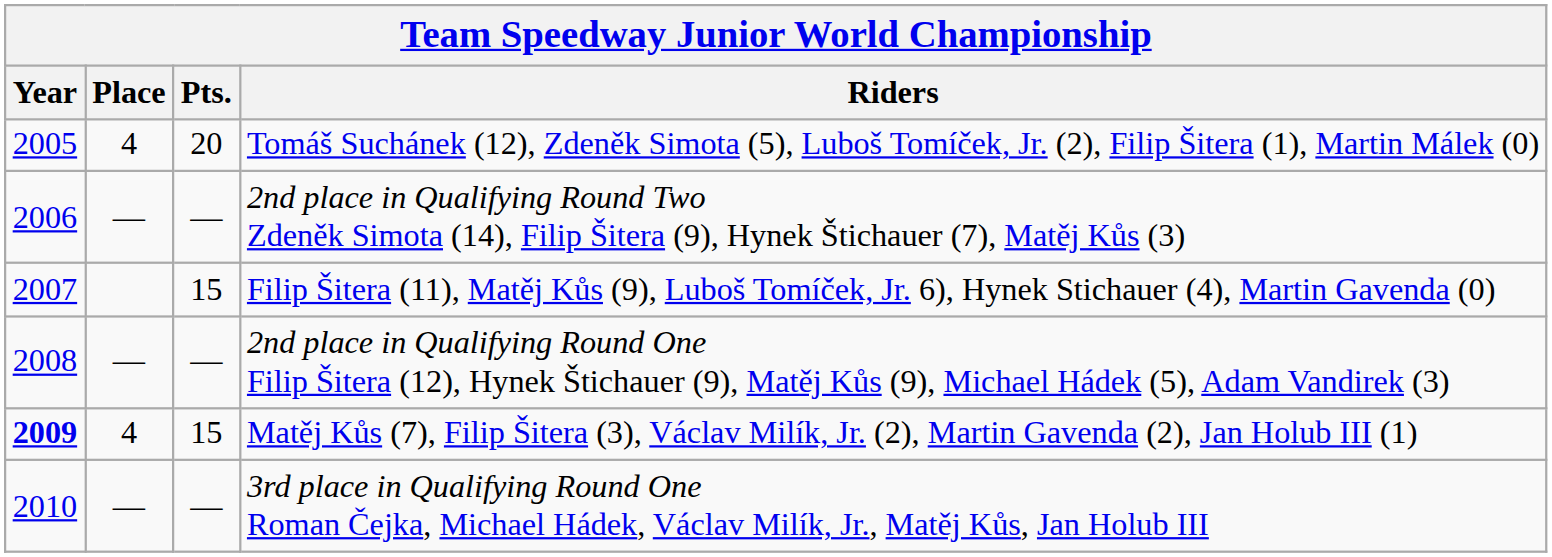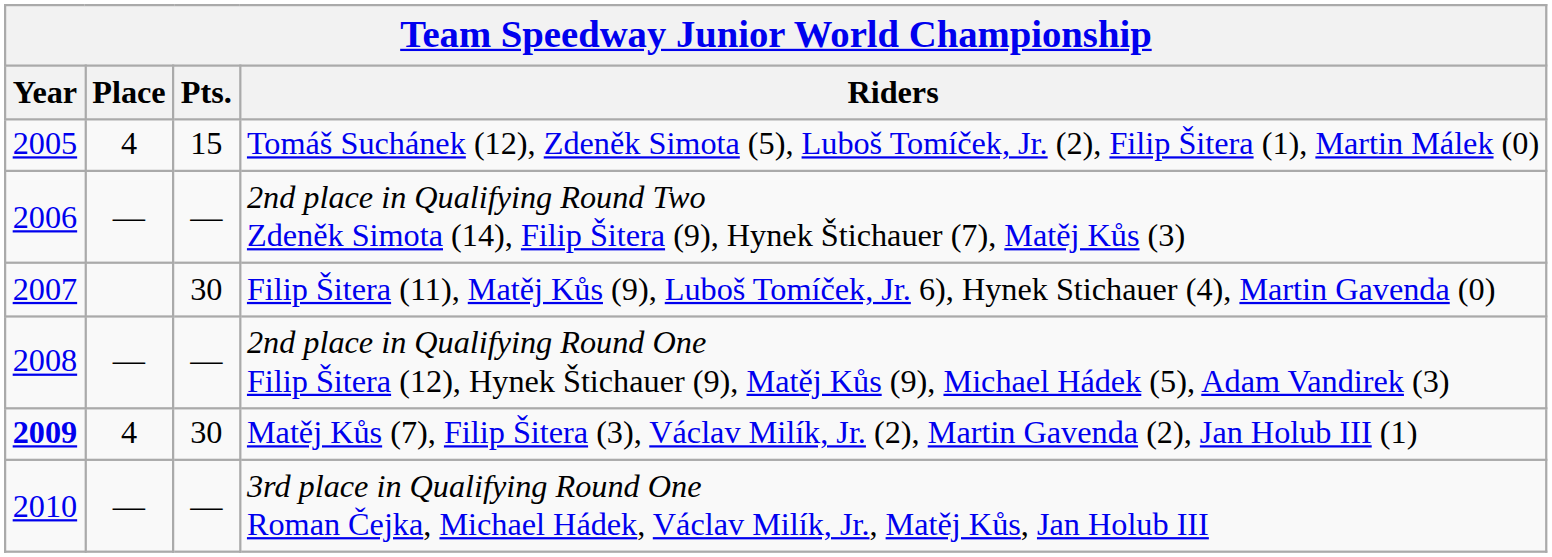 <table class=wikitable style="font-size: 90%;">
 <tr>
 <th colspan=4><big><a href='#'>Team Speedway Junior World Championship</a></big></th>
 </tr>
 <tr>
 <th>Year</th>
 <th>Place</th>
 <th>Pts.</th>
 <th>Riders</th>
 </tr>
 <tr align=center>
 <td><a href='#'>2005</a></td>
 <td>4</td>
-<td>20</td>
+<td>15</td>
 <td align=left><a href='#'>Tomáš Suchánek</a> (12), <a href='#'>Zdeněk Simota</a> (5), <a href='#'>Luboš Tomíček, Jr.</a> (2), <a href='#'>Filip Šitera</a> (1), <a href='#'>Martin Málek</a> (0)</td>
 </tr>
 <tr align=center >
 <td><a href='#'>2006</a></td>
 <td>—</td>
 <td>—</td>
 <td align=left><em>2nd place in Qualifying Round Two</em> <br><a href='#'>Zdeněk Simota</a> (14), <a href='#'>Filip Šitera</a> (9), Hynek Štichauer (7), <a href='#'>Matěj Kůs</a> (3)</td>
 </tr>
 <tr align=center>
 <td><a href='#'>2007</a></td>
 <td></td>
-<td>15</td>
+<td>30</td>
 <td align=left><a href='#'>Filip Šitera</a> (11), <a href='#'>Matěj Kůs</a> (9), <a href='#'>Luboš Tomíček, Jr.</a> 6), Hynek Stichauer (4), <a href='#'>Martin Gavenda</a> (0)</td>
 </tr>
 <tr align=center >
 <td><a href='#'>2008</a></td>
 <td>—</td>
 <td>—</td>
 <td align=left><em>2nd place in Qualifying Round One</em> <br><a href='#'>Filip Šitera</a> (12), Hynek Štichauer (9), <a href='#'>Matěj Kůs</a> (9), <a href='#'>Michael Hádek</a> (5), <a href='#'>Adam Vandirek</a> (3)</td>
 </tr>
 <tr align=center>
 <td><strong><a href='#'>2009</a></strong></td>
 <td>4</td>
-<td>15</td>
+<td>30</td>
 <td align=left><a href='#'>Matěj Kůs</a> (7), <a href='#'>Filip Šitera</a> (3), <a href='#'>Václav Milík, Jr.</a> (2), <a href='#'>Martin Gavenda</a> (2), <a href='#'>Jan Holub III</a> (1)</td>
 </tr>
 <tr align=center >
 <td><a href='#'>2010</a></td>
 <td>—</td>
 <td>—</td>
 <td align=left><em>3rd place in Qualifying Round One</em> <br> <a href='#'>Roman Čejka</a>, <a href='#'>Michael Hádek</a>, <a href='#'>Václav Milík, Jr.</a>, <a href='#'>Matěj Kůs</a>, <a href='#'>Jan Holub III</a></td>
 </tr>
 </table>
